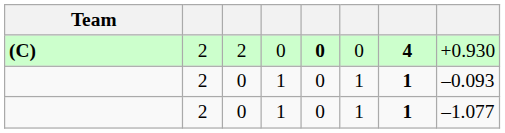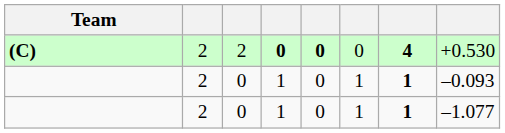 <table class="wikitable" style="text-align:center">
 <tr>
 <th width="140">Team</th>
 <th width="25"></th>
 <th width="25"></th>
 <th width="25"></th>
 <th width="25"></th>
 <th width="25"></th>
 <th width="40"></th>
 <th width="25"></th>
 </tr>
 <tr style="background:#cfc">
 <td style="text-align:left"> <strong>(C)</strong></td>
 <td>2</td>
 <td>2</td>
-<td>0</td>
+<td><strong>0</strong></td>
 <td><strong>0</strong></td>
 <td>0</td>
 <td><strong>4</strong></td>
-<td>+0.930</td>
+<td>+0.530</td>
 </tr>
 <tr>
 <td style="text-align:left"></td>
 <td>2</td>
 <td>0</td>
 <td>1</td>
 <td>0</td>
 <td>1</td>
 <td><strong>1</strong></td>
 <td>–0.093</td>
 </tr>
 <tr>
 <td style="text-align:left"></td>
 <td>2</td>
 <td>0</td>
 <td>1</td>
 <td>0</td>
 <td>1</td>
 <td><strong>1</strong></td>
 <td>–1.077</td>
 </tr>
 </table>
